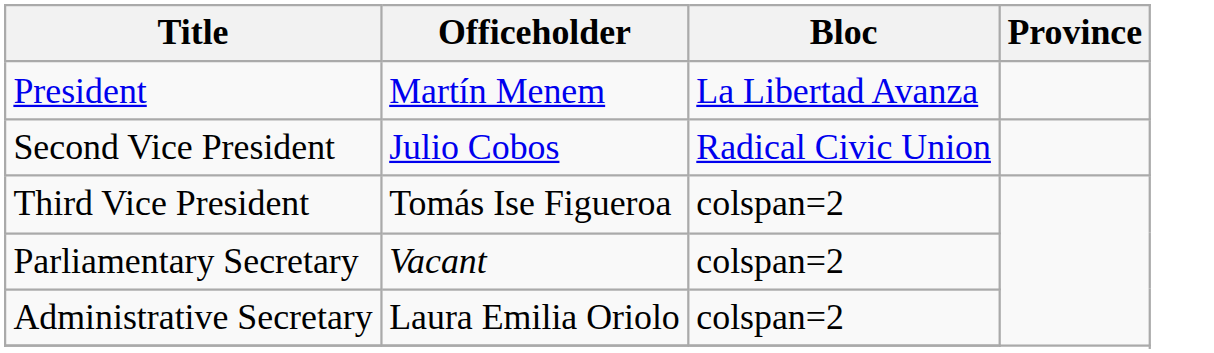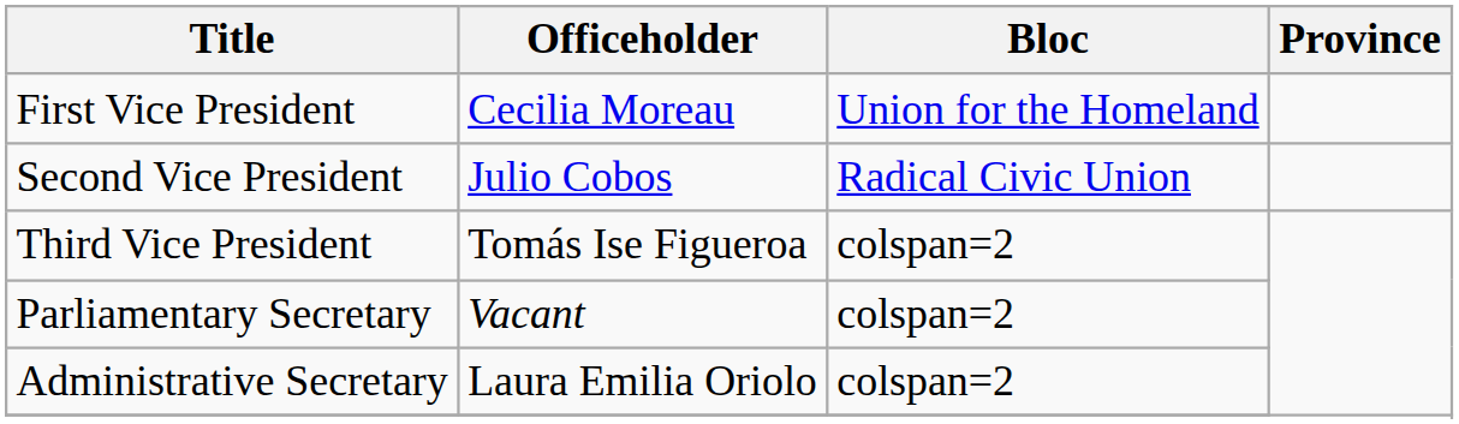 <table class="wikitable">
 <tr>
 <th>Title</th>
 <th>Officeholder</th>
 <th>Bloc</th>
 <th>Province</th>
 </tr>
 <tr>
-<td><a href='#'>President</a></td>
-<td><a href='#'>Martín Menem</a></td>
-<td><a href='#'>La Libertad Avanza</a></td>
+<td>First Vice President</td>
+<td><a href='#'>Cecilia Moreau</a></td>
+<td><a href='#'>Union for the Homeland</a></td>
 <td></td>
 </tr>
 <tr>
 <td>Second Vice President</td>
 <td><a href='#'>Julio Cobos</a></td>
 <td><a href='#'>Radical Civic Union</a></td>
 <td></td>
 </tr>
 <tr>
 <td>Third Vice President</td>
 <td>Tomás Ise Figueroa</td>
 <td>colspan=2 </td>
 </tr>
 <tr>
 <td>Parliamentary Secretary</td>
 <td><em>Vacant</em></td>
 <td>colspan=2 </td>
 </tr>
 <tr>
 <td>Administrative Secretary</td>
 <td>Laura Emilia Oriolo</td>
 <td>colspan=2 </td>
 </tr>
 <tr>
 </tr>
 </table>
